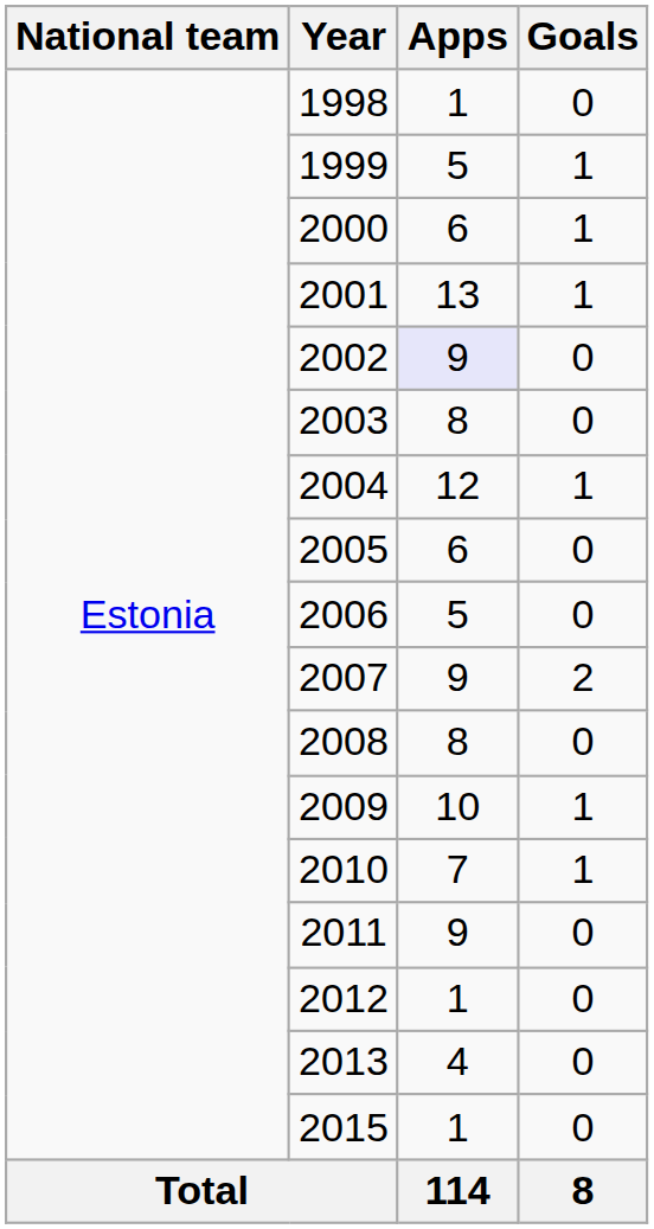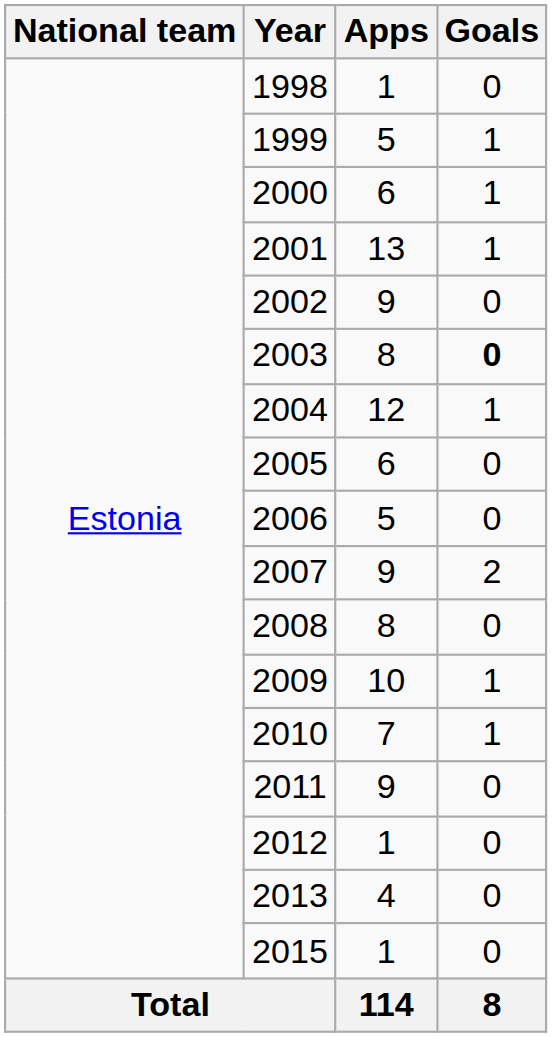 <table class="wikitable" style="text-align:center">
 <tr>
 <th>National team</th>
 <th>Year</th>
 <th>Apps</th>
 <th>Goals</th>
 </tr>
 <tr>
 <td rowspan="17"><a href='#'>Estonia</a></td>
 <td>1998</td>
 <td>1</td>
 <td>0</td>
 </tr>
 <tr>
 <td>1999</td>
 <td>5</td>
 <td>1</td>
 </tr>
 <tr>
 <td>2000</td>
 <td>6</td>
 <td>1</td>
 </tr>
 <tr>
 <td>2001</td>
 <td>13</td>
 <td>1</td>
 </tr>
 <tr>
 <td>2002</td>
-<td style="background: lavender;">9</td>
+<td>9</td>
 <td>0</td>
 </tr>
 <tr>
 <td>2003</td>
 <td>8</td>
-<td>0</td>
+<td><strong>0</strong></td>
 </tr>
 <tr>
 <td>2004</td>
 <td>12</td>
 <td>1</td>
 </tr>
 <tr>
 <td>2005</td>
 <td>6</td>
 <td>0</td>
 </tr>
 <tr>
 <td>2006</td>
 <td>5</td>
 <td>0</td>
 </tr>
 <tr>
 <td>2007</td>
 <td>9</td>
 <td>2</td>
 </tr>
 <tr>
 <td>2008</td>
 <td>8</td>
 <td>0</td>
 </tr>
 <tr>
 <td>2009</td>
 <td>10</td>
 <td>1</td>
 </tr>
 <tr>
 <td>2010</td>
 <td>7</td>
 <td>1</td>
 </tr>
 <tr>
 <td>2011</td>
 <td>9</td>
 <td>0</td>
 </tr>
 <tr>
 <td>2012</td>
 <td>1</td>
 <td>0</td>
 </tr>
 <tr>
 <td>2013</td>
 <td>4</td>
 <td>0</td>
 </tr>
 <tr>
 <td>2015</td>
 <td>1</td>
 <td>0</td>
 </tr>
 <tr>
 <th colspan="2">Total</th>
 <th>114</th>
 <th>8</th>
 </tr>
 </table>
